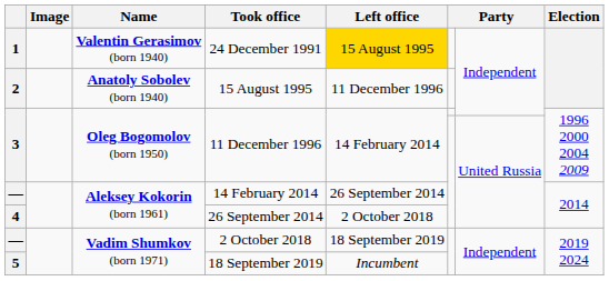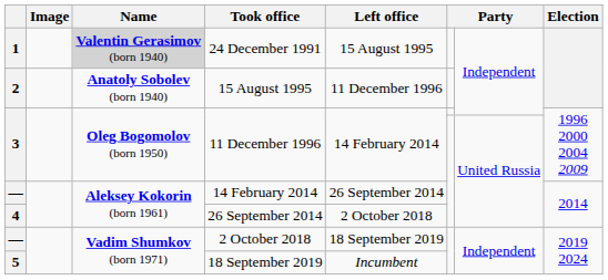 <table class="wikitable" style="text-align:center">
 <tr>
 <th></th>
 <th>Image</th>
 <th>Name</th>
 <th>Took office</th>
 <th>Left office</th>
 <th colspan=2>Party</th>
 <th>Election</th>
 </tr>
 <tr>
 <th>1</th>
 <td></td>
-<td><strong><a href='#'>Valentin Gerasimov</a></strong><br><small>(born 1940)</small></td>
+<td style="background: lightgrey;"><strong><a href='#'>Valentin Gerasimov</a></strong><br><small>(born 1940)</small></td>
 <td>24 December 1991</td>
-<td style="background: gold;">15 August 1995</td>
+<td>15 August 1995</td>
 <td style="background-color:"></td>
 <td rowspan=3><a href='#'>Independent</a></td>
 <th rowspan=2></th>
 </tr>
 <tr>
 <th>2</th>
 <td></td>
 <td><strong><a href='#'>Anatoly Sobolev</a></strong><br><small>(born 1940)</small></td>
 <td>15 August 1995</td>
 <td>11 December 1996</td>
 <td style="background-color:"></td>
 </tr>
 <tr>
 <th rowspan=2>3</th>
 <td rowspan=2></td>
 <td rowspan=2><strong><a href='#'>Oleg Bogomolov</a></strong><br><small>(born 1950)</small></td>
 <td rowspan=2>11 December 1996</td>
 <td rowspan=2>14 February 2014</td>
 <td style="background-color:"></td>
 <td rowspan=2><a href='#'>1996</a><br><a href='#'>2000</a><br><a href='#'>2004</a><br><em><a href='#'>2009</a></em></td>
 </tr>
 <tr>
 <td rowspan=3; style="background-color:"></td>
 <td rowspan=3><a href='#'>United Russia</a></td>
 </tr>
 <tr>
 <th>—</th>
 <td rowspan=2></td>
 <td rowspan=2><strong><a href='#'>Aleksey Kokorin</a></strong><br><small>(born 1961)</small></td>
 <td>14 February 2014</td>
 <td>26 September 2014</td>
 <td rowspan=2><a href='#'>2014</a></td>
 </tr>
 <tr>
 <th>4</th>
 <td>26 September 2014</td>
 <td>2 October 2018</td>
 </tr>
 <tr>
 <th>—</th>
 <td rowspan=2></td>
 <td rowspan=2><strong><a href='#'>Vadim Shumkov</a></strong><br><small>(born 1971)</small></td>
 <td>2 October 2018</td>
 <td>18 September 2019</td>
 <td rowspan=2; style="background-color:"></td>
 <td rowspan=2><a href='#'>Independent</a></td>
 <td rowspan=2><a href='#'>2019</a><br><a href='#'>2024</a></td>
 </tr>
 <tr>
 <th>5</th>
 <td>18 September 2019</td>
 <td><em>Incumbent</em></td>
 </tr>
 </table>
